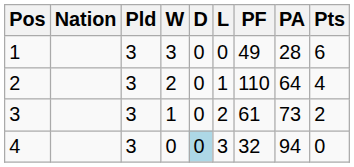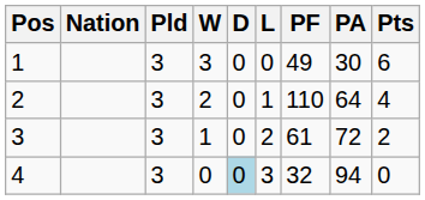 <table class="wikitable">
 <tr>
 <th>Pos</th>
 <th>Nation</th>
 <th>Pld</th>
 <th>W</th>
 <th>D</th>
 <th>L</th>
 <th>PF</th>
 <th>PA</th>
 <th>Pts</th>
 </tr>
 <tr>
 <td>1</td>
 <td></td>
 <td>3</td>
 <td>3</td>
 <td>0</td>
 <td>0</td>
 <td>49</td>
-<td>28</td>
+<td>30</td>
 <td>6</td>
 </tr>
 <tr>
 <td>2</td>
 <td></td>
 <td>3</td>
 <td>2</td>
 <td>0</td>
 <td>1</td>
 <td>110</td>
 <td>64</td>
 <td>4</td>
 </tr>
 <tr>
 <td>3</td>
 <td></td>
 <td>3</td>
 <td>1</td>
 <td>0</td>
 <td>2</td>
 <td>61</td>
-<td>73</td>
+<td>72</td>
 <td>2</td>
 </tr>
 <tr>
 <td>4</td>
 <td></td>
 <td>3</td>
 <td>0</td>
 <td style="background: lightblue;">0</td>
 <td>3</td>
 <td>32</td>
 <td>94</td>
 <td>0</td>
 </tr>
 </table>
